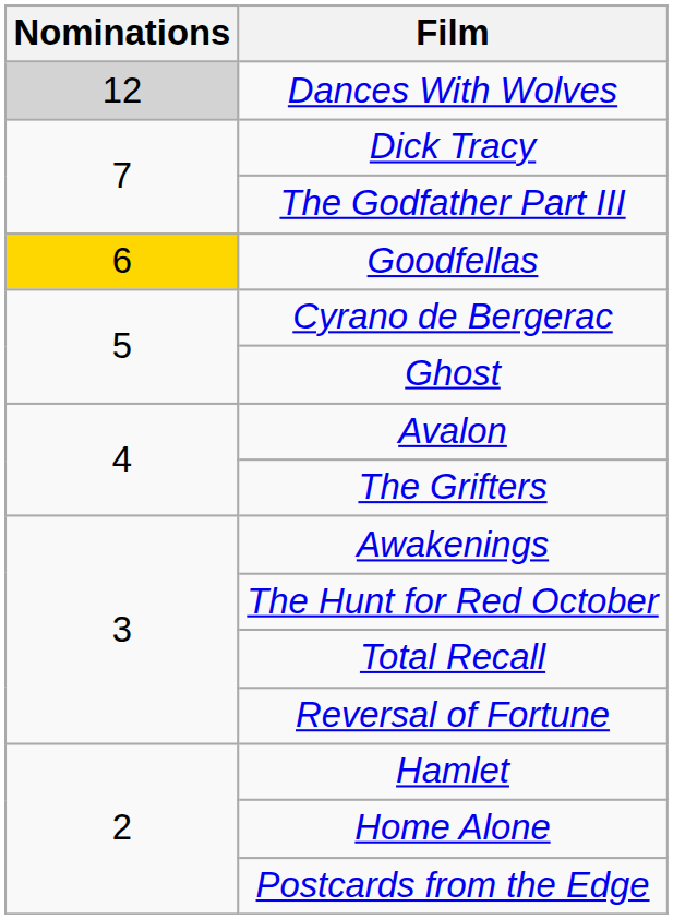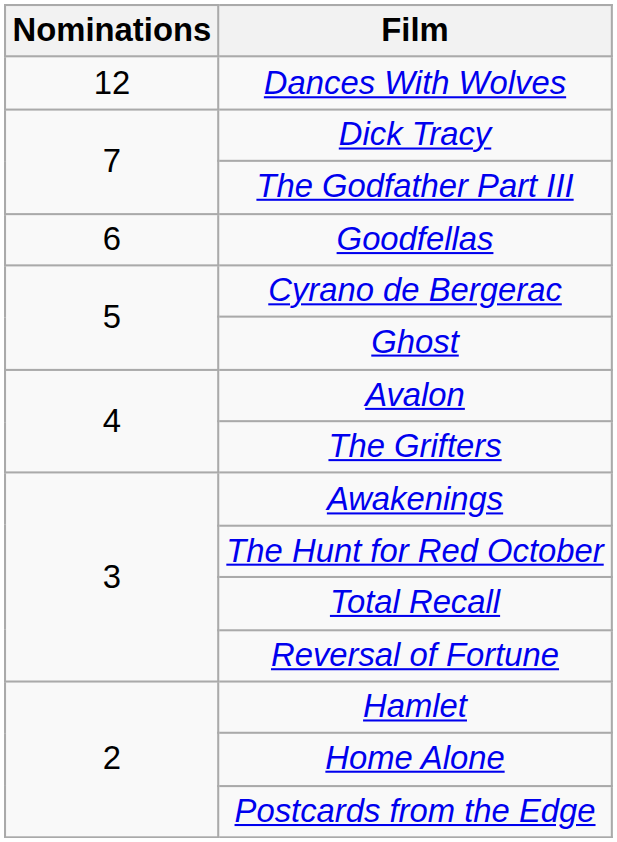 <table class="wikitable sortable" style="text-align: center;">
 <tr>
 <th scope="col" width="55">Nominations</th>
 <th scope="col" align="center">Film</th>
 </tr>
 <tr>
-<td style="background: lightgrey; text-align: center;">12</td>
+<td style="text-align: center;">12</td>
 <td><em><a href='#'>Dances With Wolves</a></em></td>
 </tr>
 <tr>
 <td rowspan=2 style="text-align:center">7</td>
 <td><em><a href='#'>Dick Tracy</a></em></td>
 </tr>
 <tr>
 <td><em><a href='#'>The Godfather Part III</a></em></td>
 </tr>
 <tr>
-<td style="background: gold; text-align: center;">6</td>
+<td style="text-align: center;">6</td>
 <td><em><a href='#'>Goodfellas</a></em></td>
 </tr>
 <tr>
 <td rowspan=2 style="text-align:center">5</td>
 <td><em><a href='#'>Cyrano de Bergerac</a></em></td>
 </tr>
 <tr>
 <td><em><a href='#'>Ghost</a></em></td>
 </tr>
 <tr>
 <td rowspan=2 style="text-align:center">4</td>
 <td><em><a href='#'>Avalon</a></em></td>
 </tr>
 <tr>
 <td><em><a href='#'>The Grifters</a></em></td>
 </tr>
 <tr>
 <td rowspan=4 style="text-align:center">3</td>
 <td><em><a href='#'>Awakenings</a></em></td>
 </tr>
 <tr>
 <td><em><a href='#'>The Hunt for Red October</a></em></td>
 </tr>
 <tr>
 <td><em><a href='#'>Total Recall</a></em></td>
 </tr>
 <tr>
 <td><em><a href='#'>Reversal of Fortune</a></em></td>
 </tr>
 <tr>
 <td rowspan=3 style="text-align:center">2</td>
 <td><em><a href='#'>Hamlet</a></em></td>
 </tr>
 <tr>
 <td><em><a href='#'>Home Alone</a></em></td>
 </tr>
 <tr>
 <td><em><a href='#'>Postcards from the Edge</a></em></td>
 </tr>
 </table>
